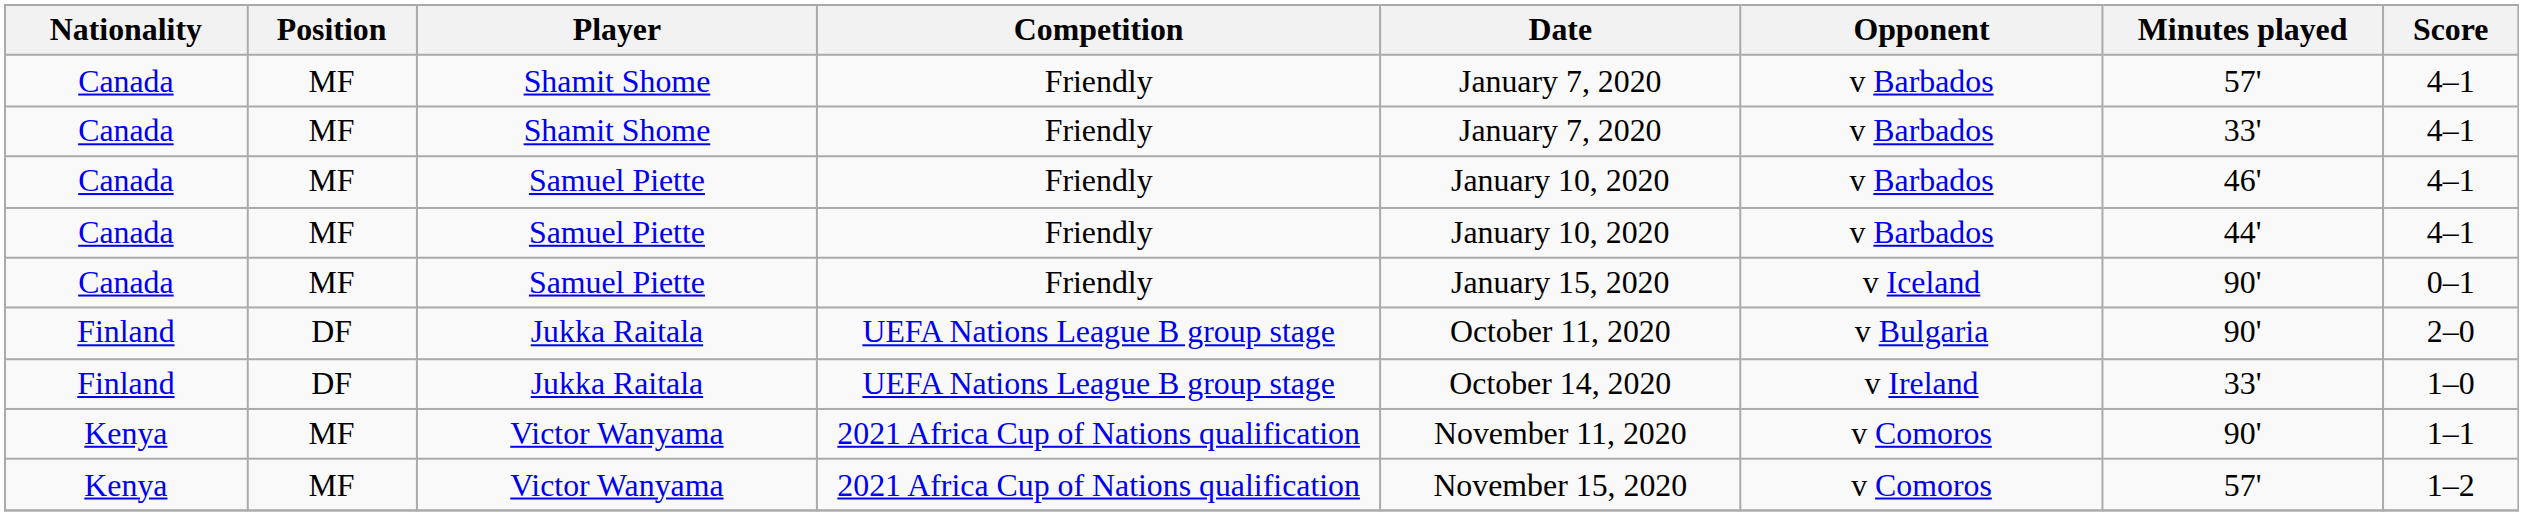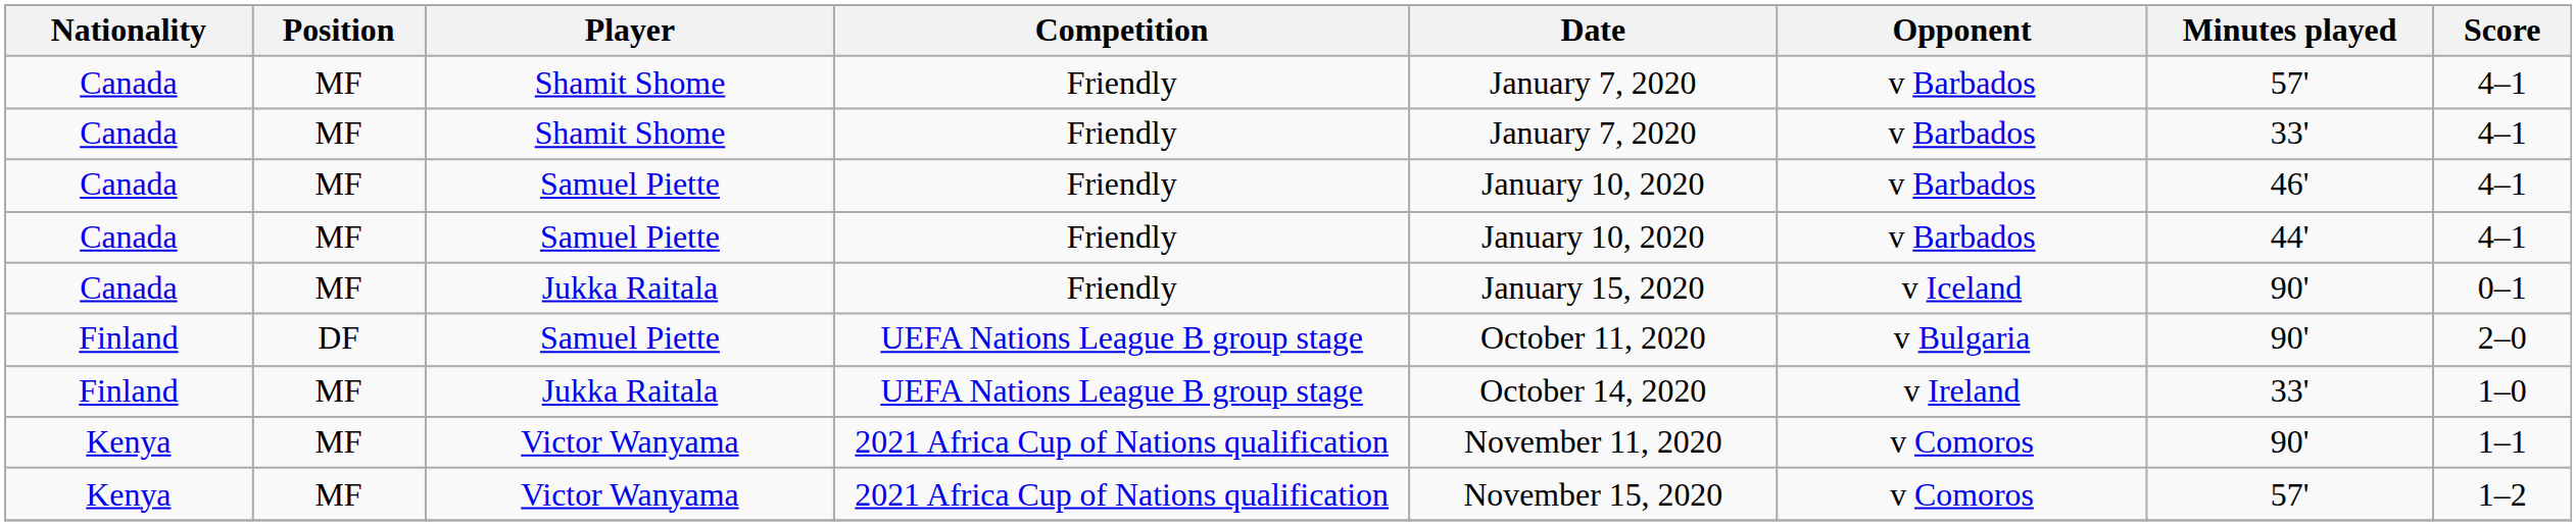 <table class="wikitable" style="width:100%;">
 <tr>
 <th width=5%>Nationality</th>
 <th width=3%>Position</th>
 <th width=10%>Player</th>
 <th width=14%>Competition</th>
 <th width=9%>Date</th>
 <th width=9%>Opponent</th>
 <th width=7%>Minutes played</th>
 <th width=3%>Score</th>
 </tr>
 <tr>
 <td align=center> <a href='#'>Canada</a></td>
 <td align=center>MF</td>
 <td align=center><a href='#'>Shamit Shome</a></td>
 <td align=center>Friendly</td>
 <td align=center>January 7, 2020</td>
 <td align=center>v <a href='#'>Barbados</a></td>
 <td align=center>57'</td>
 <td align=center>4–1</td>
 </tr>
 <tr>
 <td align=center> <a href='#'>Canada</a></td>
 <td align=center>MF</td>
 <td align=center><a href='#'>Shamit Shome</a></td>
 <td align=center>Friendly</td>
 <td align=center>January 7, 2020</td>
 <td align=center>v <a href='#'>Barbados</a></td>
 <td align=center>33'</td>
 <td align=center>4–1</td>
 </tr>
 <tr>
 <td align=center> <a href='#'>Canada</a></td>
 <td align=center>MF</td>
 <td align=center><a href='#'>Samuel Piette</a></td>
 <td align=center>Friendly</td>
 <td align=center>January 10, 2020</td>
 <td align=center>v <a href='#'>Barbados</a></td>
 <td align=center>46'</td>
 <td align=center>4–1</td>
 </tr>
 <tr>
 <td align=center> <a href='#'>Canada</a></td>
 <td align=center>MF</td>
 <td align=center><a href='#'>Samuel Piette</a></td>
 <td align=center>Friendly</td>
 <td align=center>January 10, 2020</td>
 <td align=center>v <a href='#'>Barbados</a></td>
 <td align=center>44'</td>
 <td align=center>4–1</td>
 </tr>
 <tr>
 <td align=center> <a href='#'>Canada</a></td>
 <td align=center>MF</td>
-<td align=center><a href='#'>Samuel Piette</a></td>
+<td align=center><a href='#'>Jukka Raitala</a></td>
 <td align=center>Friendly</td>
 <td align=center>January 15, 2020</td>
 <td align=center>v <a href='#'>Iceland</a></td>
 <td align=center>90'</td>
 <td align=center>0–1</td>
 </tr>
 <tr>
 <td align=center> <a href='#'>Finland</a></td>
 <td align=center>DF</td>
-<td align=center><a href='#'>Jukka Raitala</a></td>
+<td align=center><a href='#'>Samuel Piette</a></td>
 <td align=center><a href='#'>UEFA Nations League B group stage</a></td>
 <td align=center>October 11, 2020</td>
 <td align=center>v <a href='#'>Bulgaria</a></td>
 <td align=center>90'</td>
 <td align=center>2–0</td>
 </tr>
 <tr>
 <td align=center> <a href='#'>Finland</a></td>
-<td align=center>DF</td>
+<td align=center>MF</td>
 <td align=center><a href='#'>Jukka Raitala</a></td>
 <td align=center><a href='#'>UEFA Nations League B group stage</a></td>
 <td align=center>October 14, 2020</td>
 <td align=center>v <a href='#'>Ireland</a></td>
 <td align=center>33'</td>
 <td align=center>1–0</td>
 </tr>
 <tr>
 <td align=center> <a href='#'>Kenya</a></td>
 <td align=center>MF</td>
 <td align=center><a href='#'>Victor Wanyama</a></td>
 <td align=center><a href='#'>2021 Africa Cup of Nations qualification</a></td>
 <td align=center>November 11, 2020</td>
 <td align=center>v <a href='#'>Comoros</a></td>
 <td align=center>90'</td>
 <td align=center>1–1</td>
 </tr>
 <tr>
 <td align=center> <a href='#'>Kenya</a></td>
 <td align=center>MF</td>
 <td align=center><a href='#'>Victor Wanyama</a></td>
 <td align=center><a href='#'>2021 Africa Cup of Nations qualification</a></td>
 <td align=center>November 15, 2020</td>
 <td align=center>v <a href='#'>Comoros</a></td>
 <td align=center>57'</td>
 <td align=center>1–2</td>
 </tr>
 <tr>
 </tr>
 </table>
